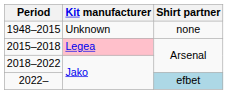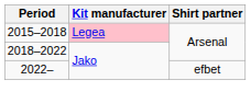 <table class="wikitable" style="text-align: center">
 <tr>
 <th>Period</th>
 <th><a href='#'>Kit</a> manufacturer</th>
 <th>Shirt partner</th>
-</tr>
-<tr>
-<td>1948–2015</td>
-<td align="Left" rowspan=1>Unknown</td>
-<td>none</td>
 </tr>
 <tr>
 <td>2015–2018</td>
 <td align="Left" rowspan=1 style="background: pink;"> <a href='#'>Legea</a></td>
 <td align="Center" rowspan=2>Arsenal</td>
 </tr>
 <tr>
 <td>2018–2022</td>
 <td align="Left" rowspan=2> <a href='#'>Jako</a></td>
 </tr>
 <tr>
 <td>2022–</td>
-<td align="Center" rowspan=1 style="background: lightblue;">efbet</td>
+<td align="Center" rowspan=1>efbet</td>
 </tr>
 </table>
